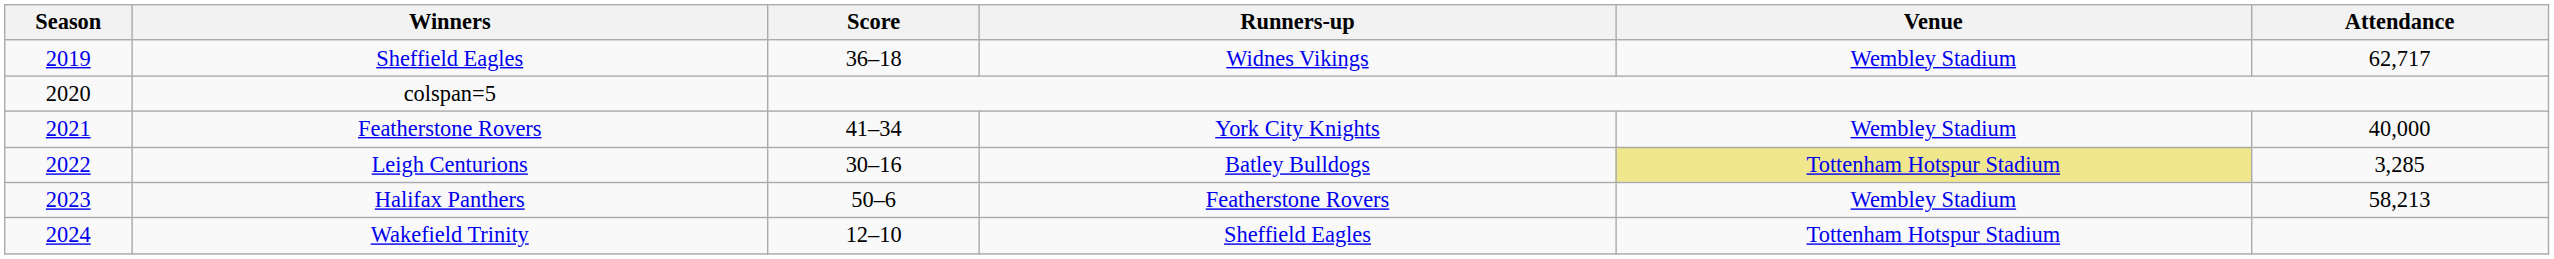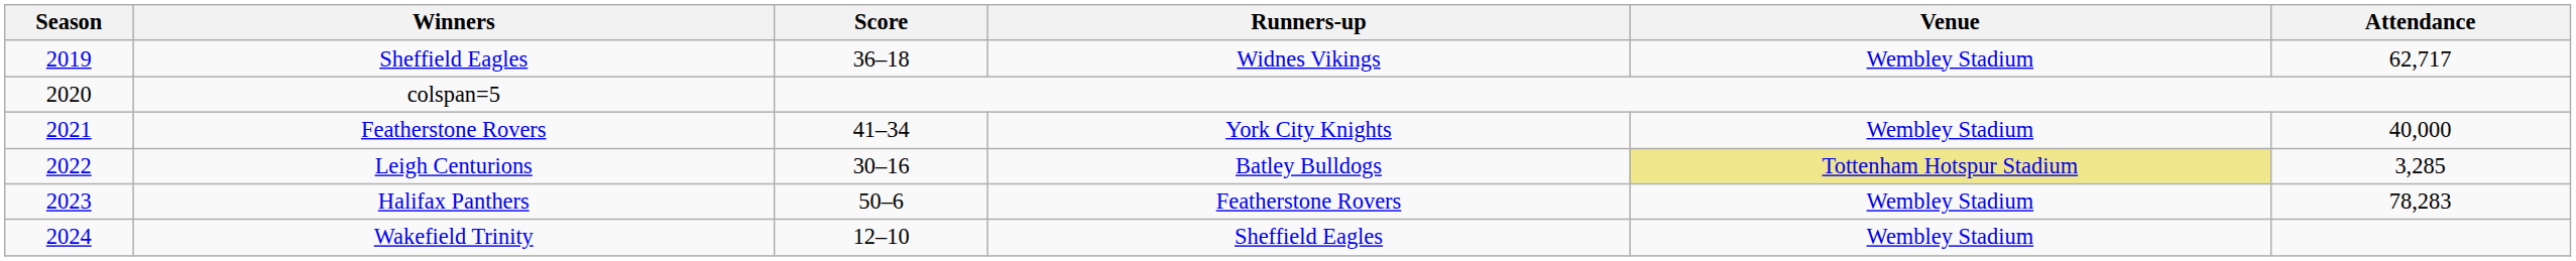 <table class="wikitable" style="text-align:center;">
 <tr>
 <th width="3%">Season</th>
 <th width="15%">Winners</th>
 <th width="5%">Score</th>
 <th width="15%">Runners-up</th>
 <th width="15%">Venue</th>
 <th width="7%">Attendance</th>
 </tr>
 <tr>
 <td><a href='#'>2019</a></td>
 <td> <a href='#'>Sheffield Eagles</a></td>
 <td>36–18</td>
 <td> <a href='#'>Widnes Vikings</a></td>
 <td><a href='#'>Wembley Stadium</a></td>
 <td>62,717</td>
 </tr>
 <tr>
 <td>2020</td>
 <td>colspan=5</td>
 </tr>
 <tr>
 <td><a href='#'>2021</a></td>
 <td> <a href='#'>Featherstone Rovers</a></td>
 <td>41–34</td>
 <td> <a href='#'>York City Knights</a></td>
 <td><a href='#'>Wembley Stadium</a></td>
 <td>40,000</td>
 </tr>
 <tr>
 <td><a href='#'>2022</a></td>
 <td> <a href='#'>Leigh Centurions</a></td>
 <td>30–16</td>
 <td> <a href='#'>Batley Bulldogs</a></td>
 <td style="background: khaki;"><a href='#'>Tottenham Hotspur Stadium</a></td>
 <td>3,285</td>
 </tr>
 <tr>
 <td><a href='#'>2023</a></td>
 <td> <a href='#'>Halifax Panthers</a></td>
 <td>50–6</td>
 <td> <a href='#'>Featherstone Rovers</a></td>
 <td><a href='#'>Wembley Stadium</a></td>
-<td>58,213</td>
+<td>78,283</td>
 </tr>
 <tr>
 <td><a href='#'>2024</a></td>
 <td> <a href='#'>Wakefield Trinity</a></td>
 <td>12–10</td>
 <td> <a href='#'>Sheffield Eagles</a></td>
-<td><a href='#'>Tottenham Hotspur Stadium</a></td>
+<td><a href='#'>Wembley Stadium</a></td>
 <td></td>
 </tr>
 </table>
